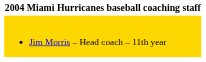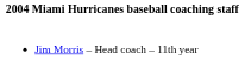 <table class="toccolours">
 <tr>
 <th colspan=9>2004 Miami Hurricanes baseball coaching staff</th>
 </tr>
 <tr>
-<td style="background: gold; text-align: left; font-size: 95%;" valign="top"><br><ul><li><a href='#'>Jim Morris</a> – Head coach – 11th year</li></ul></td>
+<td style="text-align: left; font-size: 95%;" valign="top"><br><ul><li><a href='#'>Jim Morris</a> – Head coach – 11th year</li></ul></td>
 </tr>
 </table>
